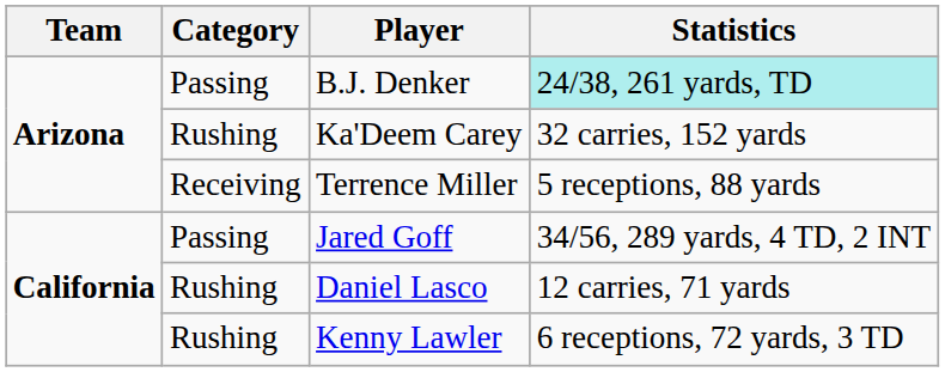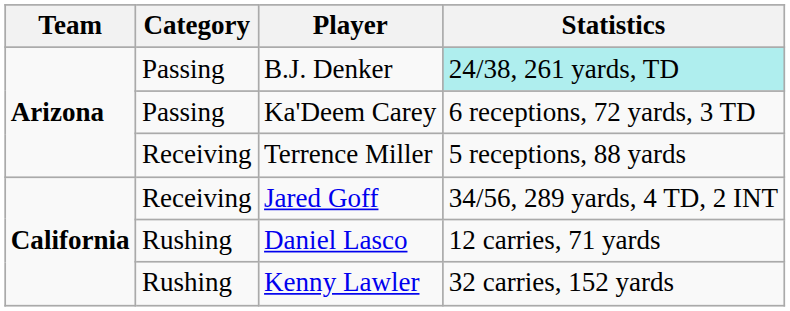 <table class="wikitable" style="float: right;">
 <tr>
 <th>Team</th>
 <th>Category</th>
 <th>Player</th>
 <th>Statistics</th>
 </tr>
 <tr>
 <td rowspan=3><strong>Arizona</strong></td>
 <td>Passing</td>
 <td>B.J. Denker</td>
 <td style="background: paleturquoise;">24/38, 261 yards, TD</td>
 </tr>
 <tr>
-<td>Rushing</td>
+<td>Passing</td>
 <td>Ka'Deem Carey</td>
-<td>32 carries, 152 yards</td>
+<td>6 receptions, 72 yards, 3 TD</td>
 </tr>
 <tr>
 <td>Receiving</td>
 <td>Terrence Miller</td>
 <td>5 receptions, 88 yards</td>
 </tr>
 <tr>
 <td rowspan=3><strong>California</strong></td>
-<td>Passing</td>
+<td>Receiving</td>
 <td><a href='#'>Jared Goff</a></td>
 <td>34/56, 289 yards, 4 TD, 2 INT</td>
 </tr>
 <tr>
 <td>Rushing</td>
 <td><a href='#'>Daniel Lasco</a></td>
 <td>12 carries, 71 yards</td>
 </tr>
 <tr>
 <td>Rushing</td>
 <td><a href='#'>Kenny Lawler</a></td>
-<td>6 receptions, 72 yards, 3 TD</td>
+<td>32 carries, 152 yards</td>
 </tr>
 </table>
